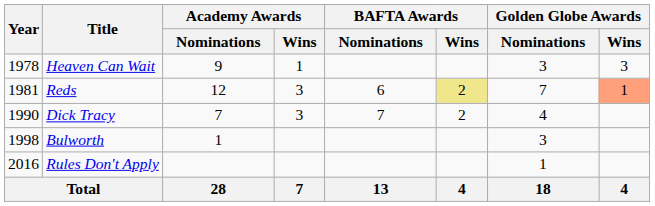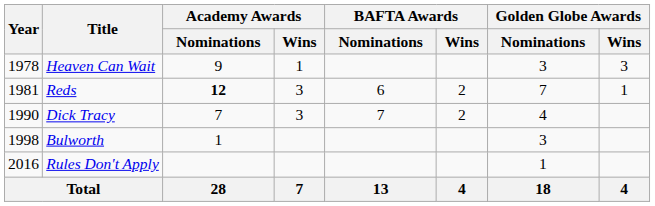 <table class="wikitable">
 <tr>
 <th rowspan="2">Year</th>
 <th rowspan="2">Title</th>
 <th colspan="2" width=160 style="text-align:center;">Academy Awards</th>
 <th colspan="2" width=160 style="text-align:center;">BAFTA Awards</th>
 <th colspan="2" width=160 style="text-align:center;">Golden Globe Awards</th>
 </tr>
 <tr>
 <th>Nominations</th>
 <th>Wins</th>
 <th>Nominations</th>
 <th>Wins</th>
 <th>Nominations</th>
 <th>Wins</th>
 </tr>
 <tr>
 <td>1978</td>
 <td><em><a href='#'>Heaven Can Wait</a></em></td>
 <td align=center>9</td>
 <td align=center>1</td>
 <td></td>
 <td></td>
 <td align=center>3</td>
 <td align=center>3</td>
 </tr>
 <tr>
 <td>1981</td>
 <td><em><a href='#'>Reds</a></em></td>
-<td align=center>12</td>
+<td align=center><strong>12</strong></td>
 <td align=center>3</td>
 <td align=center>6</td>
-<td align=center style="background: khaki;">2</td>
+<td align=center>2</td>
 <td align=center>7</td>
-<td align=center style="background: lightsalmon;">1</td>
+<td align=center>1</td>
 </tr>
 <tr>
 <td>1990</td>
 <td><em><a href='#'>Dick Tracy</a></em></td>
 <td align=center>7</td>
 <td align=center>3</td>
 <td align=center>7</td>
 <td align=center>2</td>
 <td align=center>4</td>
 <td></td>
 </tr>
 <tr>
 <td>1998</td>
 <td><em><a href='#'>Bulworth</a></em></td>
 <td align=center>1</td>
 <td></td>
 <td></td>
 <td></td>
 <td align=center>3</td>
 <td></td>
 </tr>
 <tr>
 <td>2016</td>
 <td><em><a href='#'>Rules Don't Apply</a></em></td>
 <td></td>
 <td></td>
 <td></td>
 <td></td>
 <td align=center>1</td>
 <td></td>
 </tr>
 <tr>
 <th colspan="2">Total</th>
 <th align=center>28</th>
 <th align=center>7</th>
 <th align=center>13</th>
 <th align=center>4</th>
 <th align=center>18</th>
 <th align=center>4</th>
 </tr>
 </table>
